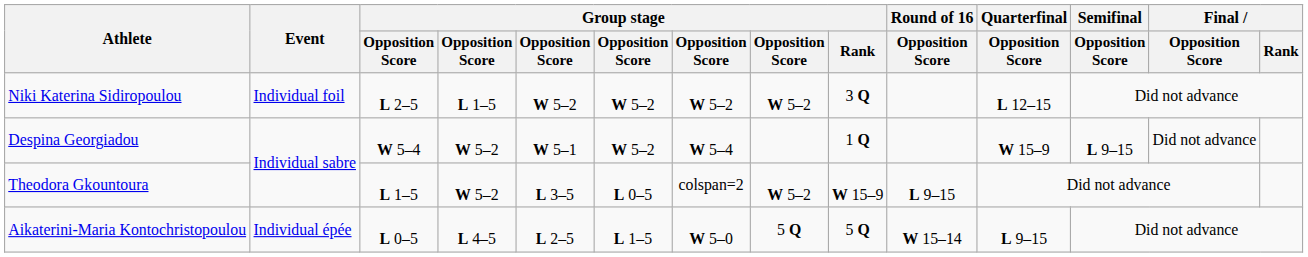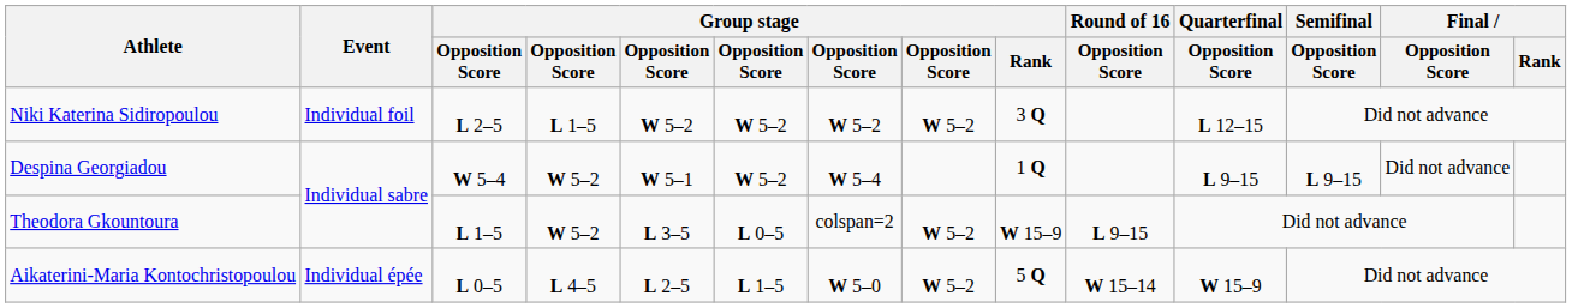 <table class=wikitable style="font-size:90%">
 <tr>
 <th rowspan=2>Athlete</th>
 <th rowspan=2>Event</th>
 <th colspan=7>Group stage</th>
 <th>Round of 16</th>
 <th>Quarterfinal</th>
 <th>Semifinal</th>
 <th colspan=2>Final / </th>
 </tr>
 <tr style="font-size:95%">
 <th>Opposition<br>Score</th>
 <th>Opposition<br>Score</th>
 <th>Opposition<br>Score</th>
 <th>Opposition<br>Score</th>
 <th>Opposition<br>Score</th>
 <th>Opposition<br>Score</th>
 <th>Rank</th>
 <th>Opposition<br>Score</th>
 <th>Opposition<br>Score</th>
 <th>Opposition<br>Score</th>
 <th>Opposition<br>Score</th>
 <th>Rank</th>
 </tr>
 <tr align=center>
 <td align=left><a href='#'>Niki Katerina Sidiropoulou</a></td>
 <td align=left><a href='#'>Individual foil</a></td>
 <td><br><strong>L</strong> 2–5</td>
 <td><br><strong>L</strong> 1–5</td>
 <td><br><strong>W</strong> 5–2</td>
 <td><br><strong>W</strong> 5–2</td>
 <td><br><strong>W</strong> 5–2</td>
 <td><br><strong>W</strong> 5–2</td>
 <td>3 <strong>Q</strong></td>
 <td></td>
 <td><br><strong>L</strong> 12–15</td>
 <td colspan=3>Did not advance</td>
 </tr>
 <tr align=center>
 <td align=left><a href='#'>Despina Georgiadou</a></td>
 <td align=left rowspan=2><a href='#'>Individual sabre</a></td>
 <td><br><strong>W</strong> 5–4</td>
 <td><br><strong>W</strong> 5–2</td>
 <td><br><strong>W</strong> 5–1</td>
 <td><br><strong>W</strong> 5–2</td>
 <td><br><strong>W</strong> 5–4</td>
 <td></td>
 <td>1 <strong>Q</strong></td>
 <td></td>
-<td><br><strong>W</strong> 15–9</td>
+<td><br><strong>L</strong> 9–15</td>
 <td><br><strong>L</strong> 9–15</td>
 <td>Did not advance</td>
 <td></td>
 </tr>
 <tr align=center>
 <td align=left><a href='#'>Theodora Gkountoura</a></td>
 <td><br><strong>L</strong> 1–5</td>
 <td><br><strong>W</strong> 5–2</td>
 <td><br><strong>L</strong> 3–5</td>
 <td><br><strong>L</strong> 0–5</td>
 <td>colspan=2 </td>
 <td><br><strong>W</strong> 5–2</td>
 <td><br><strong>W</strong> 15–9</td>
 <td><br><strong>L</strong> 9–15</td>
 <td colspan=3>Did not advance</td>
 </tr>
 <tr align=center>
 <td align=left><a href='#'>Aikaterini-Maria Kontochristopoulou</a></td>
 <td align=left><a href='#'>Individual épée</a></td>
 <td><br><strong>L</strong> 0–5</td>
 <td><br><strong>L</strong> 4–5</td>
 <td><br><strong>L</strong> 2–5</td>
 <td><br><strong>L</strong> 1–5</td>
 <td><br><strong>W</strong> 5–0</td>
-<td>5 <strong>Q</strong></td>
+<td><br><strong>W</strong> 5–2</td>
 <td>5 <strong>Q</strong></td>
 <td><br><strong>W</strong> 15–14</td>
-<td><br><strong>L</strong> 9–15</td>
+<td><br><strong>W</strong> 15–9</td>
 <td colspan=3>Did not advance</td>
 </tr>
 </table>
